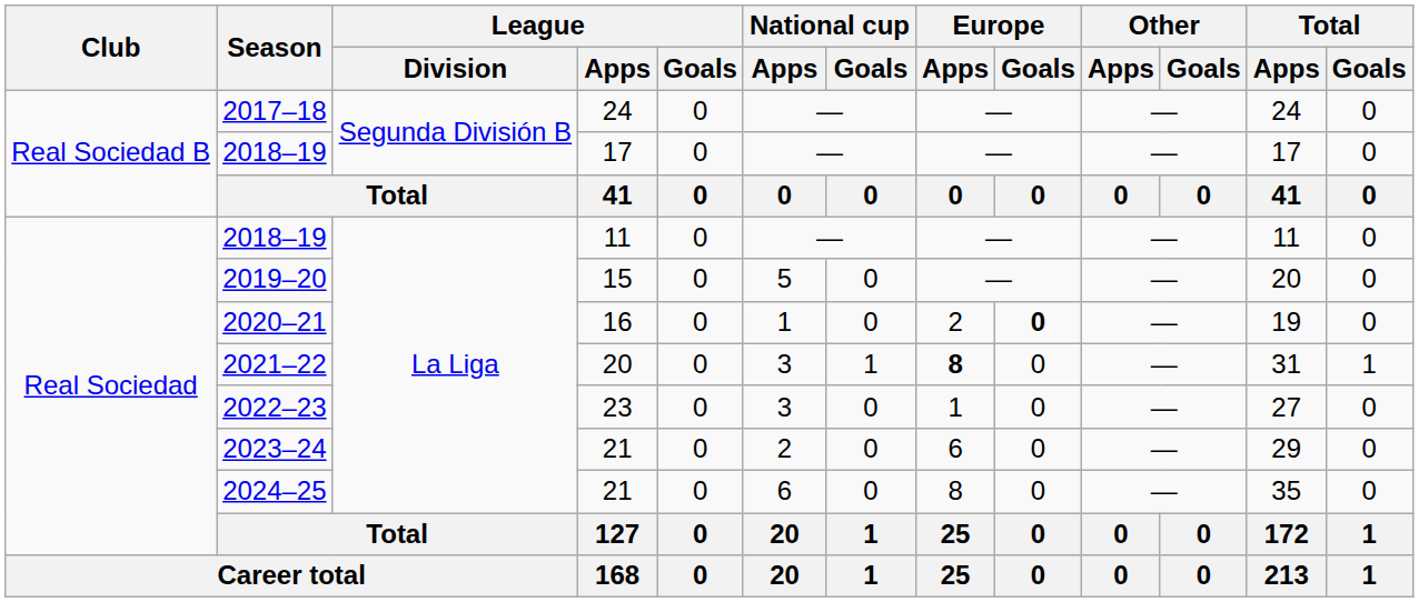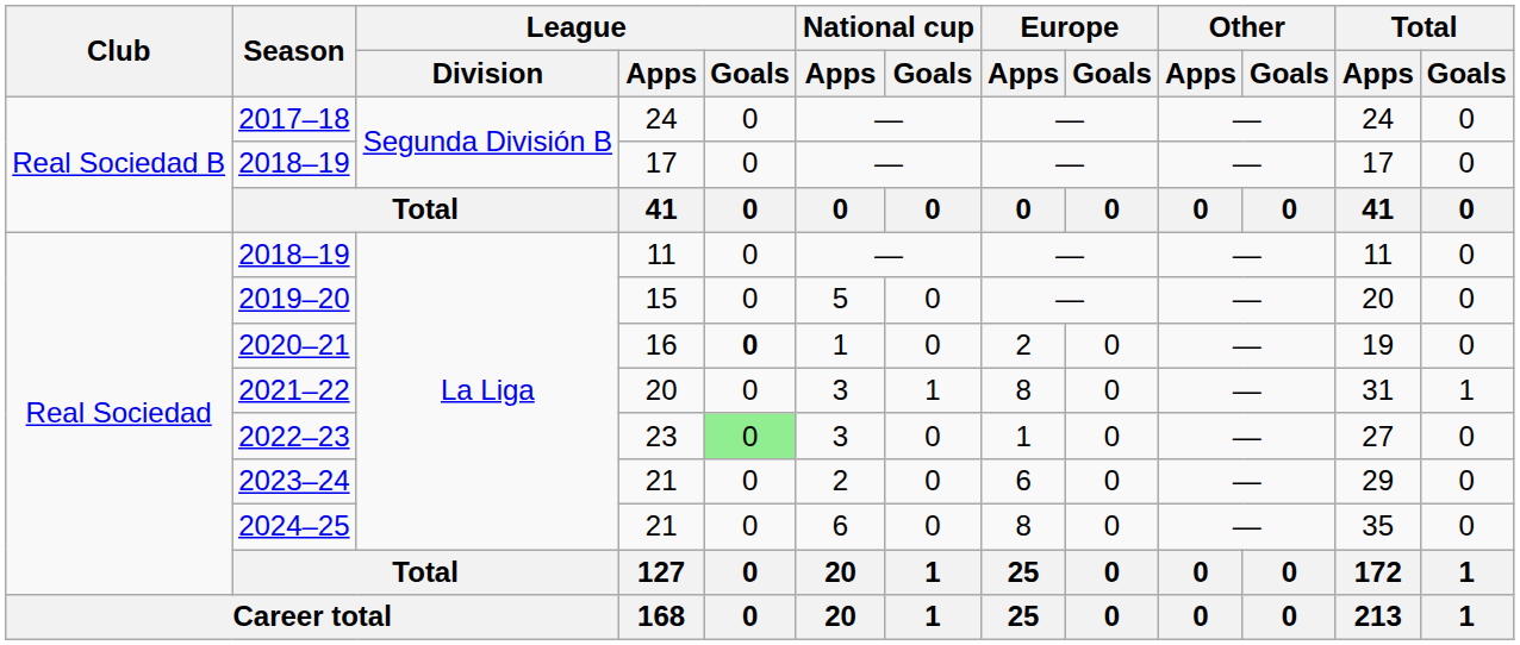 <table class="wikitable" style="text-align:center">
 <tr>
 <th rowspan="2">Club</th>
 <th rowspan="2">Season</th>
 <th colspan="3">League</th>
 <th colspan="2">National cup</th>
 <th colspan="2">Europe</th>
 <th colspan="2">Other</th>
 <th colspan="2">Total</th>
 </tr>
 <tr>
 <th>Division</th>
 <th>Apps</th>
 <th>Goals</th>
 <th>Apps</th>
 <th>Goals</th>
 <th>Apps</th>
 <th>Goals</th>
 <th>Apps</th>
 <th>Goals</th>
 <th>Apps</th>
 <th>Goals</th>
 </tr>
 <tr>
 <td rowspan="3"><a href='#'>Real Sociedad B</a></td>
 <td><a href='#'>2017–18</a></td>
 <td rowspan="2"><a href='#'>Segunda División B</a></td>
 <td>24</td>
 <td>0</td>
 <td colspan="2">—</td>
 <td colspan="2">—</td>
 <td colspan="2">—</td>
 <td>24</td>
 <td>0</td>
 </tr>
 <tr>
 <td><a href='#'>2018–19</a></td>
 <td>17</td>
 <td>0</td>
 <td colspan="2">—</td>
 <td colspan="2">—</td>
 <td colspan="2">—</td>
 <td>17</td>
 <td>0</td>
 </tr>
 <tr>
 <th colspan="2">Total</th>
 <th>41</th>
 <th>0</th>
 <th>0</th>
 <th>0</th>
 <th>0</th>
 <th>0</th>
 <th>0</th>
 <th>0</th>
 <th>41</th>
 <th>0</th>
 </tr>
 <tr>
 <td rowspan="8"><a href='#'>Real Sociedad</a></td>
 <td><a href='#'>2018–19</a></td>
 <td rowspan="7"><a href='#'>La Liga</a></td>
 <td>11</td>
 <td>0</td>
 <td colspan="2">—</td>
 <td colspan="2">—</td>
 <td colspan="2">—</td>
 <td>11</td>
 <td>0</td>
 </tr>
 <tr>
 <td><a href='#'>2019–20</a></td>
 <td>15</td>
 <td>0</td>
 <td>5</td>
 <td>0</td>
 <td colspan="2">—</td>
 <td colspan="2">—</td>
 <td>20</td>
 <td>0</td>
 </tr>
 <tr>
 <td><a href='#'>2020–21</a></td>
 <td>16</td>
-<td>0</td>
+<td><strong>0</strong></td>
 <td>1</td>
 <td>0</td>
 <td>2</td>
-<td><strong>0</strong></td>
+<td>0</td>
 <td colspan="2">—</td>
 <td>19</td>
 <td>0</td>
 </tr>
 <tr>
 <td><a href='#'>2021–22</a></td>
 <td>20</td>
 <td>0</td>
 <td>3</td>
 <td>1</td>
-<td><strong>8</strong></td>
+<td>8</td>
 <td>0</td>
 <td colspan="2">—</td>
 <td>31</td>
 <td>1</td>
 </tr>
 <tr>
 <td><a href='#'>2022–23</a></td>
 <td>23</td>
-<td>0</td>
+<td style="background: lightgreen;">0</td>
 <td>3</td>
 <td>0</td>
 <td>1</td>
 <td>0</td>
 <td colspan="2">—</td>
 <td>27</td>
 <td>0</td>
 </tr>
 <tr>
 <td><a href='#'>2023–24</a></td>
 <td>21</td>
 <td>0</td>
 <td>2</td>
 <td>0</td>
 <td>6</td>
 <td>0</td>
 <td colspan="2">—</td>
 <td>29</td>
 <td>0</td>
 </tr>
 <tr>
 <td><a href='#'>2024–25</a></td>
 <td>21</td>
 <td>0</td>
 <td>6</td>
 <td>0</td>
 <td>8</td>
 <td>0</td>
 <td colspan="2">—</td>
 <td>35</td>
 <td>0</td>
 </tr>
 <tr>
 <th colspan="2">Total</th>
 <th>127</th>
 <th>0</th>
 <th>20</th>
 <th>1</th>
 <th>25</th>
 <th>0</th>
 <th>0</th>
 <th>0</th>
 <th>172</th>
 <th>1</th>
 </tr>
 <tr>
 <th colspan="3">Career total</th>
 <th>168</th>
 <th>0</th>
 <th>20</th>
 <th>1</th>
 <th>25</th>
 <th>0</th>
 <th>0</th>
 <th>0</th>
 <th>213</th>
 <th>1</th>
 </tr>
 </table>
